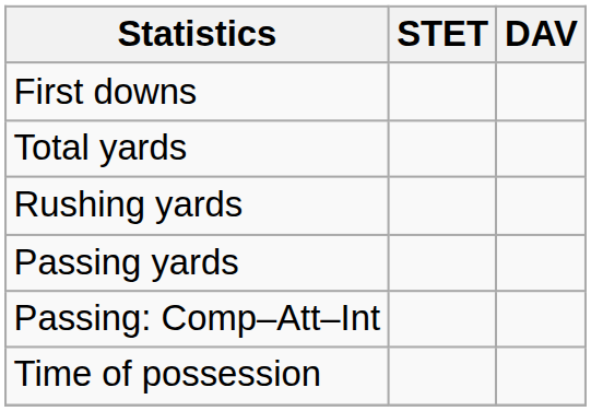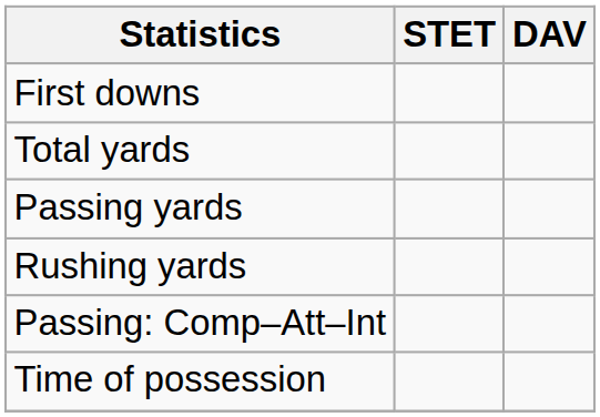 <table class="wikitable" style="float: left;">
 <tr>
 <th>Statistics</th>
 <th>STET</th>
 <th>DAV</th>
 </tr>
 <tr>
 <td>First downs</td>
 <td></td>
 <td></td>
 </tr>
 <tr>
 <td>Total yards</td>
 <td></td>
 <td></td>
 </tr>
 <tr>
-<td>Rushing yards</td>
+<td>Passing yards</td>
 <td></td>
 <td></td>
 </tr>
 <tr>
-<td>Passing yards</td>
+<td>Rushing yards</td>
 <td></td>
 <td></td>
 </tr>
 <tr>
 <td>Passing: Comp–Att–Int</td>
 <td></td>
 <td></td>
 </tr>
 <tr>
 <td>Time of possession</td>
 <td></td>
 <td></td>
 </tr>
 <tr>
 </tr>
 </table>
